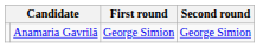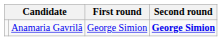 <table class="wikitable sortable">
 <tr>
 <th colspan="2">Candidate</th>
 <th>First round</th>
 <th>Second round</th>
 </tr>
 <tr>
 <td style="background-color: "></td>
 <td><a href='#'>Anamaria Gavrilă</a></td>
 <td><a href='#'>George Simion</a></td>
-<td><a href='#'>George Simion</a></td>
+<td><strong><a href='#'>George Simion</a></strong></td>
 </tr>
 </table>
